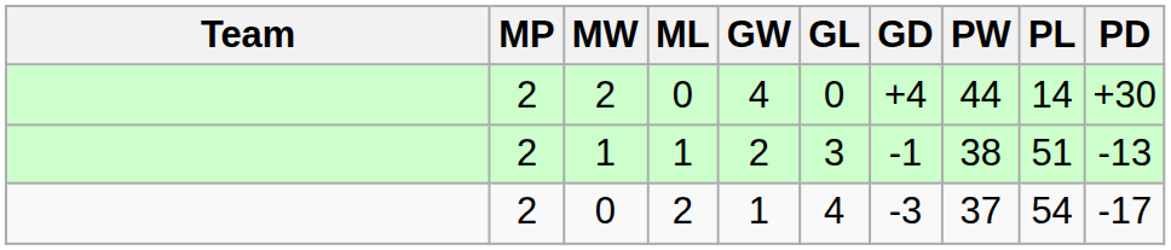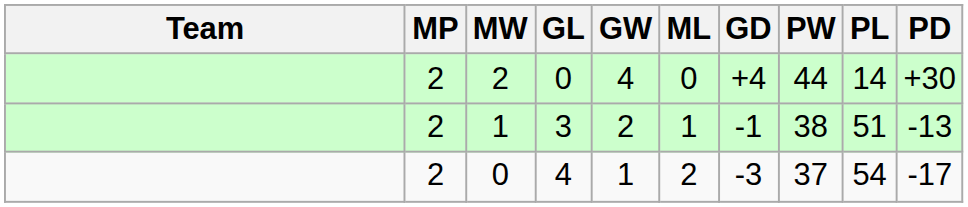 <table class=wikitable style="text-align:center">
 <tr>
 <th width=200>Team</th>
 <th width=20>MP</th>
 <th width=20>MW</th>
+<th width=20>GL</th>
+<th width=20>GW</th>
 <th width=20>ML</th>
-<th width=20>GW</th>
-<th width=20>GL</th>
 <th width=20>GD</th>
 <th width=20>PW</th>
 <th width=20>PL</th>
 <th width=20>PD</th>
 </tr>
 <tr style="background:#cfc;">
 <td align=left><br></td>
 <td>2</td>
 <td>2</td>
 <td>0</td>
 <td>4</td>
 <td>0</td>
 <td>+4</td>
 <td>44</td>
 <td>14</td>
 <td>+30</td>
 </tr>
 <tr style="background:#cfc;">
 <td align=left><br></td>
 <td>2</td>
 <td>1</td>
+<td>3</td>
+<td>2</td>
 <td>1</td>
-<td>2</td>
-<td>3</td>
 <td>-1</td>
 <td>38</td>
 <td>51</td>
 <td>-13</td>
 </tr>
 <tr>
 <td align=left><br></td>
 <td>2</td>
 <td>0</td>
+<td>4</td>
+<td>1</td>
 <td>2</td>
-<td>1</td>
-<td>4</td>
 <td>-3</td>
 <td>37</td>
 <td>54</td>
 <td>-17</td>
 </tr>
 </table>
